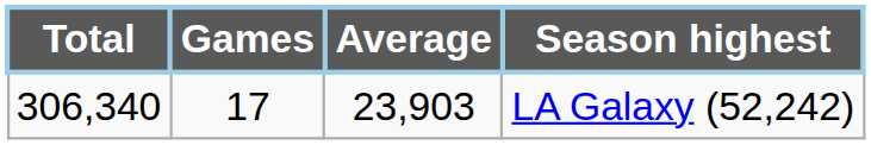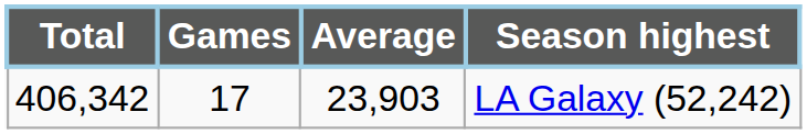 <table class=wikitable style="text-align:center">
 <tr>
 <th style="background:#585958; color:#FFFFFF; border:2px solid #9BCDE4;">Total</th>
 <th style="background:#585958; color:#FFFFFF; border:2px solid #9BCDE4;">Games</th>
 <th style="background:#585958; color:#FFFFFF; border:2px solid #9BCDE4;">Average</th>
 <th style="background:#585958; color:#FFFFFF; border:2px solid #9BCDE4;">Season highest</th>
 </tr>
 <tr>
-<td>306,340</td>
+<td>406,342</td>
 <td>17</td>
 <td>23,903</td>
 <td><a href='#'>LA Galaxy</a> (52,242)</td>
 </tr>
 </table>
